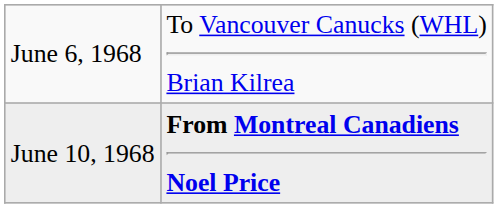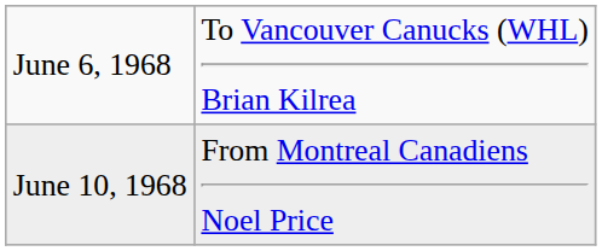 <table class="wikitable">
 <tr>
 <td>June 6, 1968</td>
 <td valign="top">To <a href='#'>Vancouver Canucks</a> (<a href='#'>WHL</a>)<hr><a href='#'>Brian Kilrea</a></td>
 </tr>
 <tr style="background:#eee;">
 <td>June 10, 1968</td>
-<td valign="top"><strong>From <a href='#'>Montreal Canadiens</a><hr><a href='#'>Noel Price</a></strong></td>
+<td valign="top">From <a href='#'>Montreal Canadiens</a><hr><a href='#'>Noel Price</a></td>
 </tr>
 </table>
